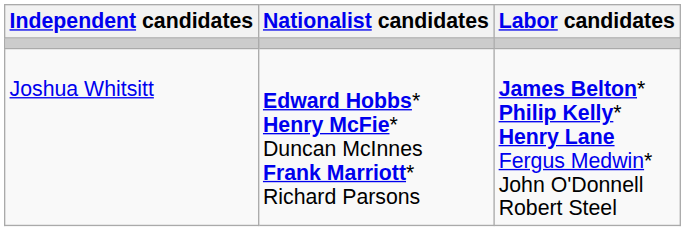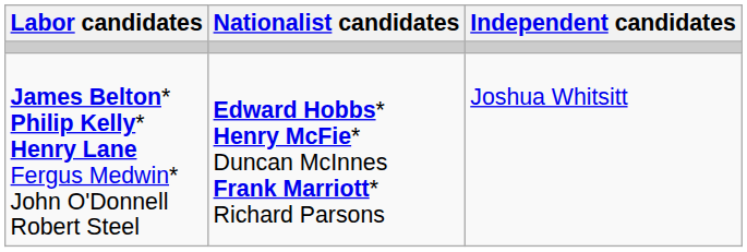 <table class="wikitable">
 <tr>
+<th><a href='#'>Labor</a> candidates</th>
+<th><a href='#'>Nationalist</a> candidates</th>
 <th><a href='#'>Independent</a> candidates</th>
-<th><a href='#'>Nationalist</a> candidates</th>
-<th><a href='#'>Labor</a> candidates</th>
 </tr>
 <tr bgcolor="#cccccc">
 <td></td>
 <td></td>
 <td></td>
 </tr>
 <tr>
+<td><br><strong><a href='#'>James Belton</a></strong>*<br> <strong><a href='#'>Philip Kelly</a></strong>*<br> <strong><a href='#'>Henry Lane</a></strong><br> <a href='#'>Fergus Medwin</a>*<br> John O'Donnell<br> Robert Steel</td>
+<td><br><strong><a href='#'>Edward Hobbs</a></strong>*<br> <strong><a href='#'>Henry McFie</a></strong>*<br> Duncan McInnes<br> <strong><a href='#'>Frank Marriott</a></strong>*<br> Richard Parsons</td>
 <td valign=top><br><a href='#'>Joshua Whitsitt</a></td>
-<td><br><strong><a href='#'>Edward Hobbs</a></strong>*<br> <strong><a href='#'>Henry McFie</a></strong>*<br> Duncan McInnes<br> <strong><a href='#'>Frank Marriott</a></strong>*<br> Richard Parsons</td>
-<td><br><strong><a href='#'>James Belton</a></strong>*<br> <strong><a href='#'>Philip Kelly</a></strong>*<br> <strong><a href='#'>Henry Lane</a></strong><br> <a href='#'>Fergus Medwin</a>*<br> John O'Donnell<br> Robert Steel</td>
 </tr>
 </table>
